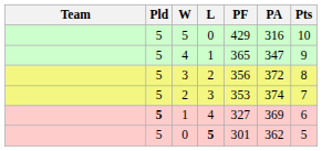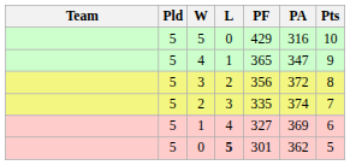 <table class="wikitable" style="text-align:center;">
 <tr>
 <th width=170>Team</th>
 <th width=25>Pld</th>
 <th width=25>W</th>
 <th width=25>L</th>
 <th width=35>PF</th>
 <th width=35>PA</th>
 <th width=25>Pts</th>
 </tr>
 <tr style="background:#ccffcc">
 <td style="text-align:left"></td>
 <td>5</td>
 <td>5</td>
 <td>0</td>
 <td>429</td>
 <td>316</td>
 <td>10</td>
 </tr>
 <tr style="background:#ccffcc">
 <td style="text-align:left"></td>
 <td>5</td>
 <td>4</td>
 <td>1</td>
 <td>365</td>
 <td>347</td>
 <td>9</td>
 </tr>
 <tr style="background:#F3F781">
 <td style="text-align:left"></td>
 <td>5</td>
 <td>3</td>
 <td>2</td>
 <td>356</td>
 <td>372</td>
 <td>8</td>
 </tr>
 <tr style="background:#F3F781">
 <td style="text-align:left"></td>
 <td>5</td>
 <td>2</td>
 <td>3</td>
-<td>353</td>
+<td>335</td>
 <td>374</td>
 <td>7</td>
 </tr>
 <tr style="background:#ffcccc">
 <td style="text-align:left"></td>
-<td><strong>5</strong></td>
+<td>5</td>
 <td>1</td>
 <td>4</td>
 <td>327</td>
 <td>369</td>
 <td>6</td>
 </tr>
 <tr style="background:#ffcccc">
 <td style="text-align:left"></td>
 <td>5</td>
 <td>0</td>
 <td><strong>5</strong></td>
 <td>301</td>
 <td>362</td>
 <td>5</td>
 </tr>
 </table>
